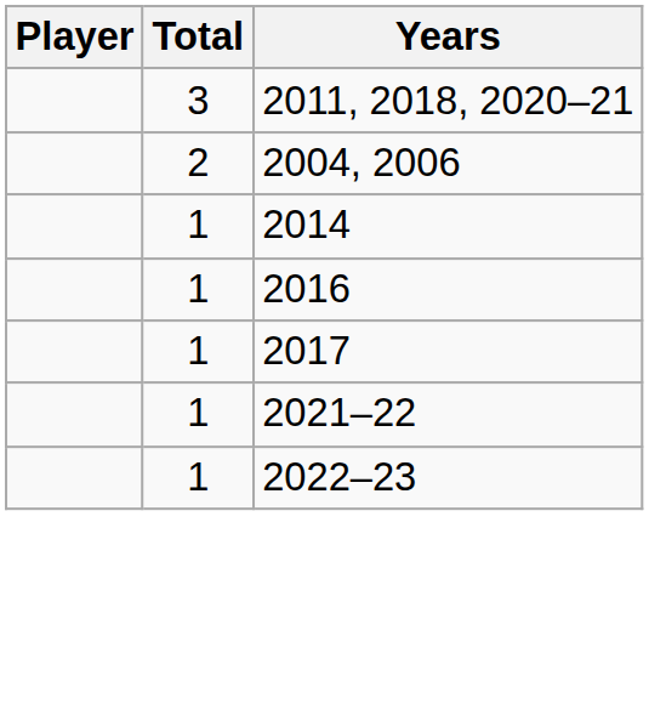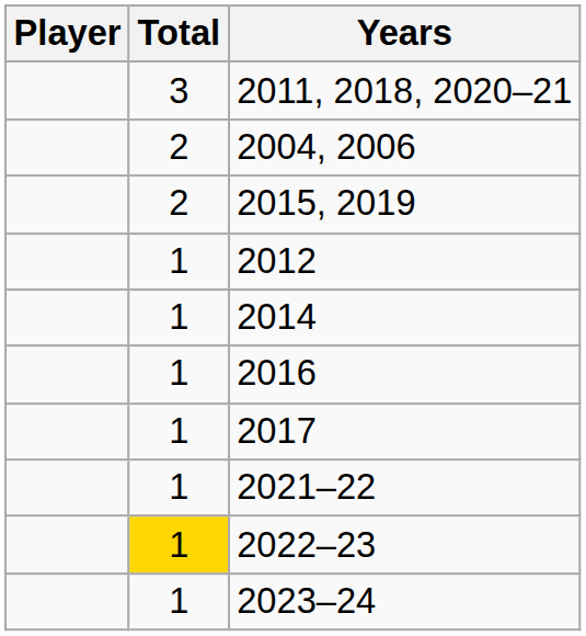 <table class="wikitable">
 <tr>
 <th>Player</th>
 <th>Total</th>
 <th class="unsortable">Years</th>
 </tr>
 <tr>
 <td></td>
 <td align=center>3</td>
 <td>2011, 2018, 2020–21</td>
 </tr>
 <tr>
 <td></td>
 <td align=center>2</td>
 <td>2004, 2006</td>
+</tr>
+<tr>
+<td></td>
+<td align=center>2</td>
+<td>2015, 2019</td>
+</tr>
+<tr>
+<td></td>
+<td align=center>1</td>
+<td>2012</td>
 </tr>
 <tr>
 <td></td>
 <td align=center>1</td>
 <td>2014</td>
 </tr>
 <tr>
 <td></td>
 <td align=center>1</td>
 <td>2016</td>
 </tr>
 <tr>
 <td></td>
 <td align=center>1</td>
 <td>2017</td>
 </tr>
 <tr>
 <td></td>
 <td align=center>1</td>
 <td>2021–22</td>
 </tr>
 <tr>
 <td></td>
-<td align=center>1</td>
+<td align=center style="background: gold;">1</td>
 <td>2022–23</td>
 </tr>
+<tr>
+<td></td>
+<td align=center>1</td>
+<td>2023–24</td>
+</tr>
 </table>
